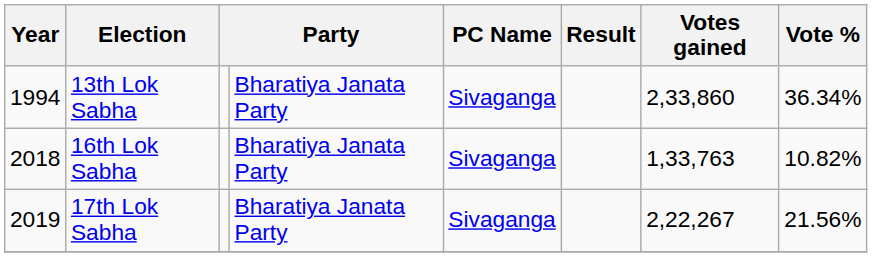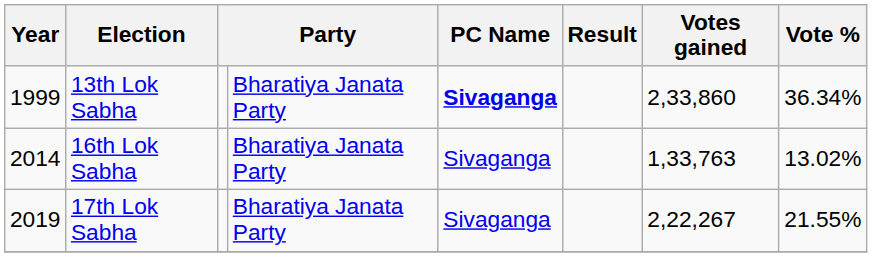 <table class="wikitable">
 <tr>
 <th>Year</th>
 <th>Election</th>
 <th colspan="2">Party</th>
 <th>PC Name</th>
 <th>Result</th>
 <th>Votes gained</th>
 <th>Vote %</th>
 </tr>
 <tr>
-<td>1994</td>
+<td>1999</td>
 <td><a href='#'>13th Lok Sabha</a></td>
 <td style="background-color: "></td>
 <td><a href='#'>Bharatiya Janata Party</a> </td>
-<td><a href='#'>Sivaganga</a></td>
+<td><strong><a href='#'>Sivaganga</a></strong></td>
 <td></td>
 <td>2,33,860</td>
 <td>36.34%</td>
 </tr>
 <tr>
-<td>2018</td>
+<td>2014</td>
 <td><a href='#'>16th Lok Sabha</a></td>
 <td style="background-color: "></td>
 <td><a href='#'>Bharatiya Janata Party</a> </td>
 <td><a href='#'>Sivaganga</a></td>
 <td></td>
 <td>1,33,763</td>
-<td>10.82%</td>
+<td>13.02%</td>
 </tr>
 <tr>
 <td>2019</td>
 <td><a href='#'>17th Lok Sabha</a></td>
 <td style="background-color: "></td>
 <td><a href='#'>Bharatiya Janata Party</a> </td>
 <td><a href='#'>Sivaganga</a></td>
 <td></td>
 <td>2,22,267</td>
-<td>21.56%</td>
+<td>21.55%</td>
 </tr>
 <tr>
 </tr>
 </table>
